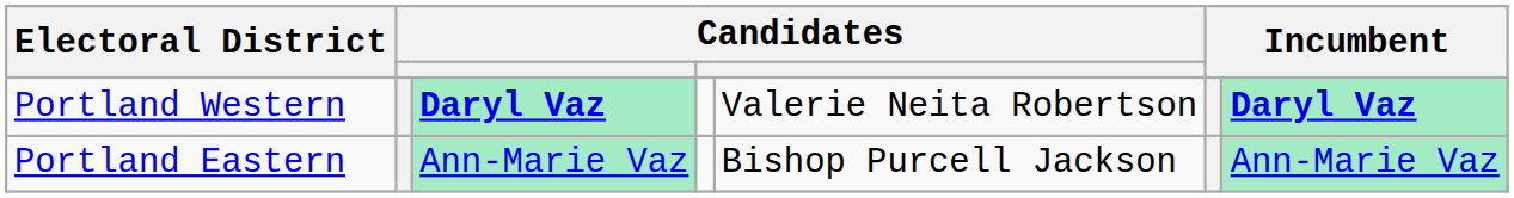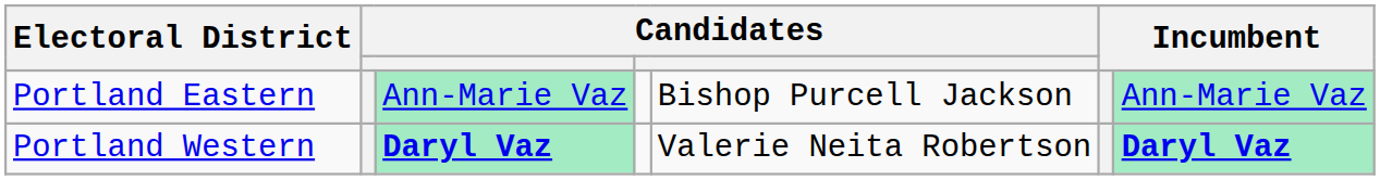 <table class="wikitable">
 <tr>
 <th rowspan="2">Electoral District</th>
 <th colspan="4">Candidates</th>
 <th colspan="2" rowspan="2">Incumbent</th>
 </tr>
 <tr>
 <th colspan="2" style="background:"><a href='#'></a></th>
 <th colspan="2" style="background:"><a href='#'></a></th>
 </tr>
 <tr>
+<td><a href='#'>Portland Eastern</a></td>
+<th style="background:"></th>
+<td style="background:#a3ebc3"><a href='#'>Ann-Marie Vaz</a></td>
+<td></td>
+<td>Bishop Purcell Jackson</td>
+<th style="background:"></th>
+<td style="background:#a3ebc3"><a href='#'>Ann-Marie Vaz</a></td>
+</tr>
+<tr>
 <td><a href='#'>Portland Western</a></td>
 <th style="background:"></th>
 <td style="background:#a3ebc3"><strong><a href='#'>Daryl Vaz</a></strong></td>
 <td></td>
 <td>Valerie Neita Robertson</td>
 <th style="background:"></th>
 <td style="background:#a3ebc3"><strong><a href='#'>Daryl Vaz</a></strong></td>
 </tr>
-<tr>
-<td><a href='#'>Portland Eastern</a></td>
-<th style="background:"></th>
-<td style="background:#a3ebc3"><a href='#'>Ann-Marie Vaz</a></td>
-<td></td>
-<td>Bishop Purcell Jackson</td>
-<th style="background:"></th>
-<td style="background:#a3ebc3"><a href='#'>Ann-Marie Vaz</a></td>
-</tr>
 </table>
